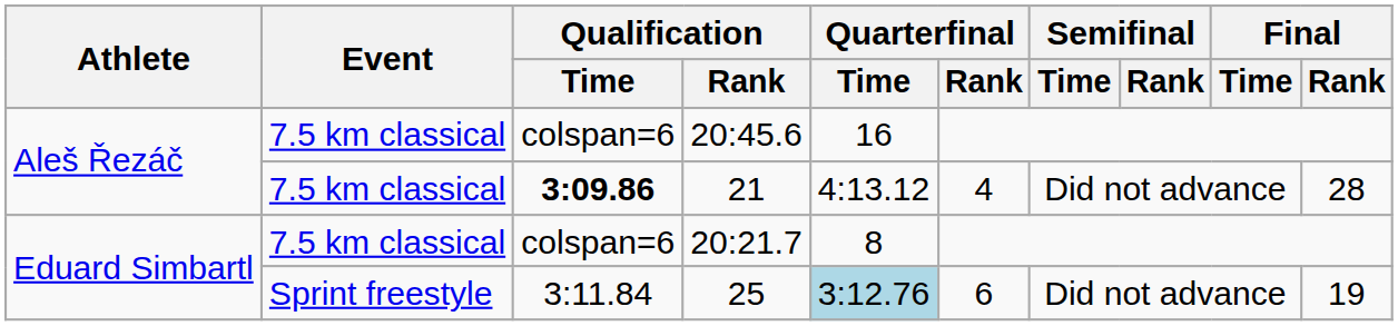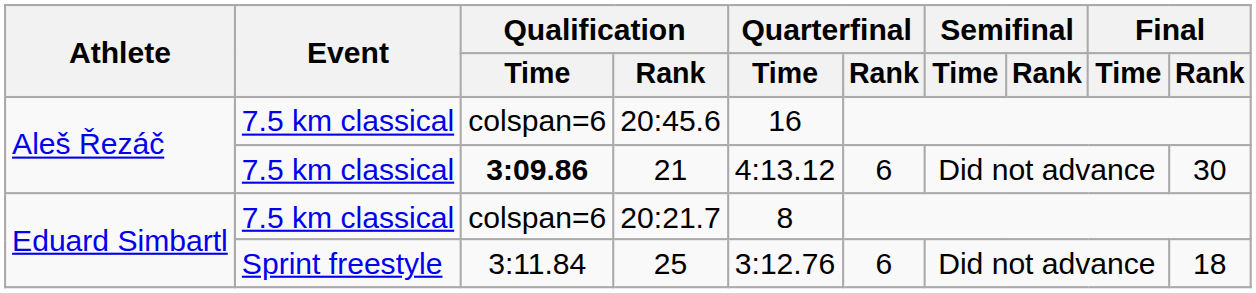 <table class="wikitable" style="font-size:90%">
 <tr>
 <th rowspan="2">Athlete</th>
 <th rowspan="2">Event</th>
 <th colspan="2">Qualification</th>
 <th colspan="2">Quarterfinal</th>
 <th colspan="2">Semifinal</th>
 <th colspan="2">Final</th>
 </tr>
 <tr style="font-size:95%">
 <th>Time</th>
 <th>Rank</th>
 <th>Time</th>
 <th>Rank</th>
 <th>Time</th>
 <th>Rank</th>
 <th>Time</th>
 <th>Rank</th>
 </tr>
 <tr align=center>
 <td align=left rowspan=2><a href='#'>Aleš Řezáč</a></td>
 <td align=left><a href='#'>7.5 km classical</a></td>
 <td>colspan=6</td>
 <td>20:45.6</td>
 <td>16</td>
 </tr>
 <tr align=center>
 <td align=left><a href='#'>7.5 km classical</a></td>
 <td><strong>3:09.86</strong></td>
 <td>21</td>
 <td>4:13.12</td>
-<td>4</td>
+<td>6</td>
 <td colspan="3">Did not advance</td>
-<td>28</td>
+<td>30</td>
 </tr>
 <tr align=center>
 <td align=left rowspan=2><a href='#'>Eduard Simbartl</a></td>
 <td align=left><a href='#'>7.5 km classical</a></td>
 <td>colspan=6</td>
 <td>20:21.7</td>
 <td>8</td>
 </tr>
 <tr align=center>
 <td align=left><a href='#'>Sprint freestyle</a></td>
 <td>3:11.84</td>
 <td>25</td>
-<td style="background: lightblue;">3:12.76</td>
+<td>3:12.76</td>
 <td>6</td>
 <td colspan="3">Did not advance</td>
-<td>19</td>
+<td>18</td>
 </tr>
 </table>
